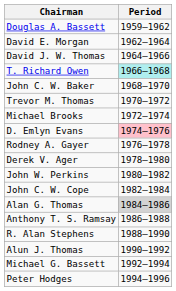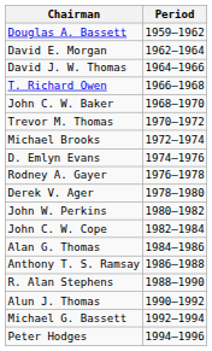 <table class="wikitable">
 <tr>
 <th>Chairman</th>
 <th>Period</th>
 </tr>
 <tr>
 <td><a href='#'>Douglas A. Bassett</a></td>
 <td>1959–1962</td>
 </tr>
 <tr>
 <td>David E. Morgan</td>
 <td>1962–1964</td>
 </tr>
 <tr>
 <td>David J. W. Thomas</td>
 <td>1964–1966</td>
 </tr>
 <tr>
 <td><a href='#'>T. Richard Owen</a></td>
-<td style="background: paleturquoise;">1966–1968</td>
+<td>1966–1968</td>
 </tr>
 <tr>
 <td>John C. W. Baker</td>
 <td>1968–1970</td>
 </tr>
 <tr>
 <td>Trevor M. Thomas</td>
 <td>1970–1972</td>
 </tr>
 <tr>
 <td>Michael Brooks</td>
 <td>1972–1974</td>
 </tr>
 <tr>
 <td>D. Emlyn Evans</td>
-<td style="background: pink;">1974–1976</td>
+<td>1974–1976</td>
 </tr>
 <tr>
 <td>Rodney A. Gayer</td>
 <td>1976–1978</td>
 </tr>
 <tr>
 <td>Derek V. Ager</td>
 <td>1978–1980</td>
 </tr>
 <tr>
 <td>John W. Perkins</td>
 <td>1980–1982</td>
 </tr>
 <tr>
 <td>John C. W. Cope</td>
 <td>1982–1984</td>
 </tr>
 <tr>
 <td>Alan G. Thomas</td>
-<td style="background: lightgrey;">1984–1986</td>
+<td>1984–1986</td>
 </tr>
 <tr>
 <td>Anthony T. S. Ramsay</td>
 <td>1986–1988</td>
 </tr>
 <tr>
 <td>R. Alan Stephens</td>
 <td>1988–1990</td>
 </tr>
 <tr>
 <td>Alun J. Thomas</td>
 <td>1990–1992</td>
 </tr>
 <tr>
 <td>Michael G. Bassett</td>
 <td>1992–1994</td>
 </tr>
 <tr>
 <td>Peter Hodges</td>
 <td>1994–1996</td>
 </tr>
 </table>
